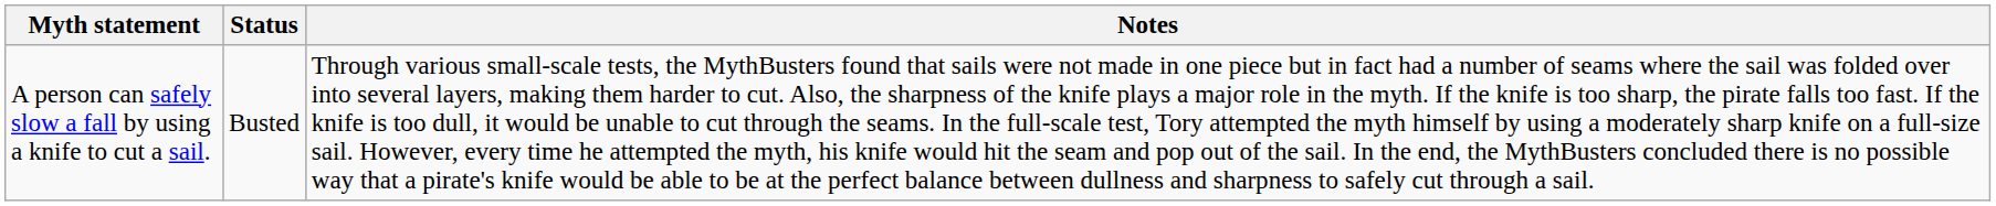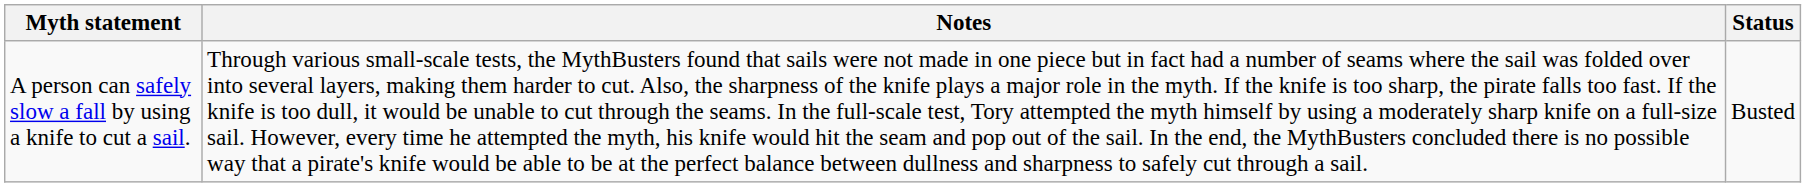 <table class="wikitable plainrowheaders">
 <tr>
 <th>Myth statement</th>
+<th>Notes</th>
 <th>Status</th>
-<th>Notes</th>
 </tr>
 <tr>
 <td>A person can <a href='#'>safely slow a fall</a> by using a knife to cut a <a href='#'>sail</a>.</td>
+<td>Through various small-scale tests, the MythBusters found that sails were not made in one piece but in fact had a number of seams where the sail was folded over into several layers, making them harder to cut. Also, the sharpness of the knife plays a major role in the myth. If the knife is too sharp, the pirate falls too fast. If the knife is too dull, it would be unable to cut through the seams. In the full-scale test, Tory attempted the myth himself by using a moderately sharp knife on a full-size sail. However, every time he attempted the myth, his knife would hit the seam and pop out of the sail. In the end, the MythBusters concluded there is no possible way that a pirate's knife would be able to be at the perfect balance between dullness and sharpness to safely cut through a sail.</td>
 <td><span> Busted</span></td>
-<td>Through various small-scale tests, the MythBusters found that sails were not made in one piece but in fact had a number of seams where the sail was folded over into several layers, making them harder to cut. Also, the sharpness of the knife plays a major role in the myth. If the knife is too sharp, the pirate falls too fast. If the knife is too dull, it would be unable to cut through the seams. In the full-scale test, Tory attempted the myth himself by using a moderately sharp knife on a full-size sail. However, every time he attempted the myth, his knife would hit the seam and pop out of the sail. In the end, the MythBusters concluded there is no possible way that a pirate's knife would be able to be at the perfect balance between dullness and sharpness to safely cut through a sail.</td>
 </tr>
 </table>
